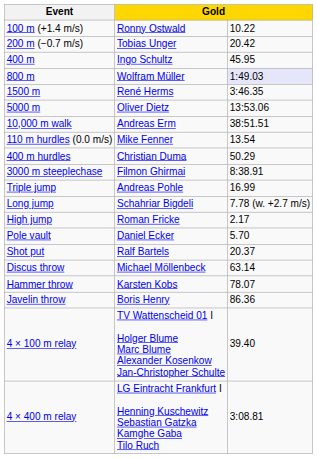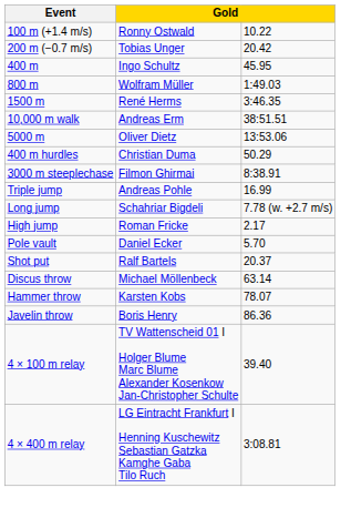 <table class="wikitable">
 <tr>
 <th>Event</th>
 <th style="background:gold;" colspan=2>Gold</th>
 </tr>
 <tr>
 <td><a href='#'>100 m</a> (+1.4 m/s)</td>
 <td><a href='#'>Ronny Ostwald</a></td>
 <td>10.22</td>
 </tr>
 <tr>
 <td><a href='#'>200 m</a> (−0.7 m/s)</td>
 <td><a href='#'>Tobias Unger</a></td>
 <td>20.42 </td>
 </tr>
 <tr>
 <td><a href='#'>400 m</a></td>
 <td><a href='#'>Ingo Schultz</a></td>
 <td>45.95</td>
 </tr>
 <tr>
 <td><a href='#'>800 m</a></td>
 <td><a href='#'>Wolfram Müller</a></td>
-<td style="background: lavender;">1:49.03</td>
+<td>1:49.03</td>
 </tr>
 <tr>
 <td><a href='#'>1500 m</a></td>
 <td><a href='#'>René Herms</a></td>
 <td>3:46.35</td>
 </tr>
 <tr>
-<td><a href='#'>5000 m</a></td>
-<td><a href='#'>Oliver Dietz</a></td>
-<td>13:53.06</td>
-</tr>
-<tr>
 <td><a href='#'>10,000 m walk</a></td>
 <td><a href='#'>Andreas Erm</a></td>
 <td>38:51.51 </td>
 </tr>
 <tr>
-<td><a href='#'>110 m hurdles</a> (0.0 m/s)</td>
-<td><a href='#'>Mike Fenner</a></td>
-<td>13.54</td>
+<td><a href='#'>5000 m</a></td>
+<td><a href='#'>Oliver Dietz</a></td>
+<td>13:53.06</td>
 </tr>
 <tr>
 <td><a href='#'>400 m hurdles</a></td>
 <td><a href='#'>Christian Duma</a></td>
 <td>50.29</td>
 </tr>
 <tr>
 <td><a href='#'>3000 m steeplechase</a></td>
 <td><a href='#'>Filmon Ghirmai</a></td>
 <td>8:38.91</td>
 </tr>
 <tr>
 <td><a href='#'>Triple jump</a></td>
 <td><a href='#'>Andreas Pohle</a></td>
 <td>16.99</td>
 </tr>
 <tr>
 <td><a href='#'>Long jump</a></td>
 <td><a href='#'>Schahriar Bigdeli</a></td>
 <td>7.78 (w. +2.7 m/s)</td>
 </tr>
 <tr>
 <td><a href='#'>High jump</a></td>
 <td><a href='#'>Roman Fricke</a></td>
 <td>2.17</td>
 </tr>
 <tr>
 <td><a href='#'>Pole vault</a></td>
 <td><a href='#'>Daniel Ecker</a></td>
 <td>5.70</td>
 </tr>
 <tr>
 <td><a href='#'>Shot put</a></td>
 <td><a href='#'>Ralf Bartels</a></td>
 <td>20.37</td>
 </tr>
 <tr>
 <td><a href='#'>Discus throw</a></td>
 <td><a href='#'>Michael Möllenbeck</a></td>
 <td>63.14</td>
 </tr>
 <tr>
 <td><a href='#'>Hammer throw</a></td>
 <td><a href='#'>Karsten Kobs</a></td>
 <td>78.07</td>
 </tr>
 <tr>
 <td><a href='#'>Javelin throw</a></td>
 <td><a href='#'>Boris Henry</a></td>
 <td>86.36</td>
 </tr>
 <tr>
 <td><a href='#'>4 × 100 m relay</a></td>
 <td><a href='#'>TV Wattenscheid 01</a> I <br><br><a href='#'>Holger Blume</a> <br> <a href='#'>Marc Blume</a> <br> <a href='#'>Alexander Kosenkow</a> <br> <a href='#'>Jan-Christopher Schulte</a></td>
 <td>39.40</td>
 </tr>
 <tr>
 <td><a href='#'>4 × 400 m relay</a></td>
 <td><a href='#'>LG Eintracht Frankfurt</a> I <br><br><a href='#'>Henning Kuschewitz</a> <br> <a href='#'>Sebastian Gatzka</a> <br> <a href='#'>Kamghe Gaba</a> <br> <a href='#'>Tilo Ruch</a></td>
 <td>3:08.81</td>
 </tr>
 </table>
